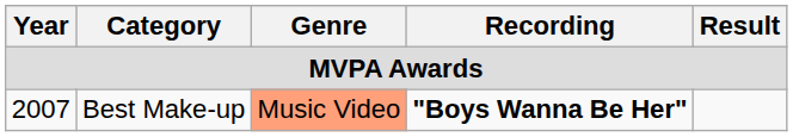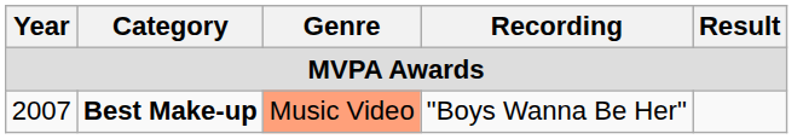 <table class=wikitable>
 <tr style="background:#ccc;">
 <th>Year</th>
 <th>Category</th>
 <th>Genre</th>
 <th>Recording</th>
 <th>Result</th>
 </tr>
 <tr style="background:#ddd;">
 <td colspan="5" style="text-align:center;"><strong>MVPA Awards</strong></td>
 </tr>
 <tr align=center>
 <td style="text-align:left;" rowspan="1">2007</td>
-<td>Best Make-up</td>
+<td><strong>Best Make-up</strong></td>
 <td style="background: lightsalmon;">Music Video</td>
-<td><strong>"Boys Wanna Be Her"</strong></td>
+<td>"Boys Wanna Be Her"</td>
 <td></td>
 </tr>
 </table>
